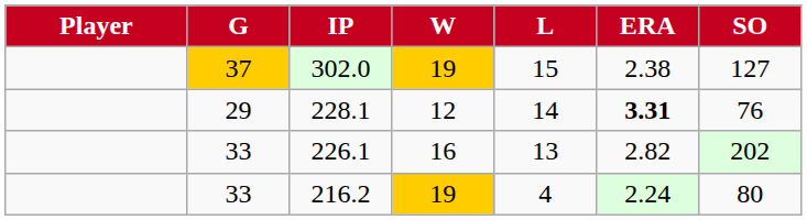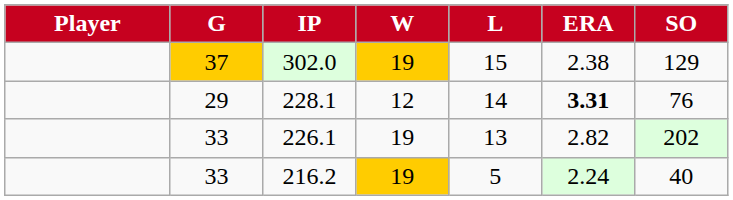 <table class="wikitable sortable">
 <tr>
 <th style="background:#C6011F;color:white;" width="16%">Player</th>
 <th style="background:#C6011F;color:white;" width="9%">G</th>
 <th style="background:#C6011F;color:white;" width="9%">IP</th>
 <th style="background:#C6011F;color:white;" width="9%">W</th>
 <th style="background:#C6011F;color:white;" width="9%">L</th>
 <th style="background:#C6011F;color:white;" width="9%">ERA</th>
 <th style="background:#C6011F;color:white;" width="9%">SO</th>
 </tr>
 <tr align="center">
 <td></td>
 <td style="background:#fc0;">37</td>
 <td style="background:#DDFFDD;">302.0</td>
 <td style="background:#fc0;">19</td>
 <td>15</td>
 <td>2.38</td>
-<td>127</td>
+<td>129</td>
 </tr>
 <tr align="center">
 <td></td>
 <td>29</td>
 <td>228.1</td>
 <td>12</td>
 <td>14</td>
 <td><strong>3.31</strong></td>
 <td>76</td>
 </tr>
 <tr align="center">
 <td></td>
 <td>33</td>
 <td>226.1</td>
-<td>16</td>
+<td>19</td>
 <td>13</td>
 <td>2.82</td>
 <td style="background:#DDFFDD;">202</td>
 </tr>
 <tr align="center">
 <td></td>
 <td>33</td>
 <td>216.2</td>
 <td style="background:#fc0;">19</td>
-<td>4</td>
+<td>5</td>
 <td style="background:#DDFFDD;">2.24</td>
-<td>80</td>
+<td>40</td>
 </tr>
 </table>
